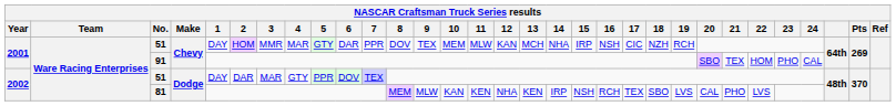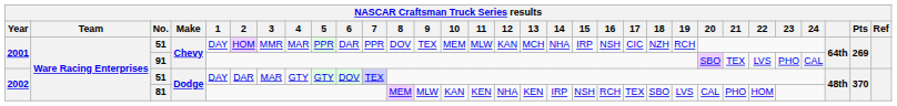 <table class="wikitable" style="text-align:center; font-size:75%">
 <tr>
 <th colspan=34><a href='#'>NASCAR Craftsman Truck Series</a> results</th>
 </tr>
 <tr>
 <th>Year</th>
 <th>Team</th>
 <th>No.</th>
 <th>Make</th>
 <th>1</th>
 <th>2</th>
 <th>3</th>
 <th>4</th>
 <th>5</th>
 <th>6</th>
 <th>7</th>
 <th>8</th>
 <th>9</th>
 <th>10</th>
 <th>11</th>
 <th>12</th>
 <th>13</th>
 <th>14</th>
 <th>15</th>
 <th>16</th>
 <th>17</th>
 <th>18</th>
 <th>19</th>
 <th>20</th>
 <th>21</th>
 <th>22</th>
 <th>23</th>
 <th>24</th>
 <th></th>
 <th>Pts</th>
 <th>Ref</th>
 </tr>
 <tr>
 <th rowspan=2><a href='#'>2001</a></th>
 <th rowspan=4><a href='#'>Ware Racing Enterprises</a></th>
 <th>51</th>
 <th rowspan=2><a href='#'>Chevy</a></th>
 <td><a href='#'>DAY</a></td>
 <td style="background:#EFCFFF;"><a href='#'>HOM</a><br></td>
 <td><a href='#'>MMR</a></td>
 <td><a href='#'>MAR</a></td>
-<td style="background:#DFFFDF;"><a href='#'>GTY</a><br></td>
+<td style="background:#DFFFDF;"><a href='#'>PPR</a><br></td>
 <td><a href='#'>DAR</a></td>
 <td><a href='#'>PPR</a></td>
 <td><a href='#'>DOV</a></td>
 <td><a href='#'>TEX</a></td>
 <td><a href='#'>MEM</a></td>
 <td><a href='#'>MLW</a></td>
 <td><a href='#'>KAN</a></td>
 <td><a href='#'>MCH</a></td>
 <td><a href='#'>NHA</a></td>
 <td><a href='#'>IRP</a></td>
 <td><a href='#'>NSH</a></td>
 <td><a href='#'>CIC</a></td>
 <td><a href='#'>NZH</a></td>
 <td><a href='#'>RCH</a></td>
 <td colspan=5></td>
 <th rowspan=2>64th</th>
 <th rowspan=2>269</th>
 <th rowspan=2></th>
 </tr>
 <tr>
 <th>91</th>
 <td colspan=19></td>
 <td style="background:#EFCFFF;"><a href='#'>SBO</a><br></td>
 <td><a href='#'>TEX</a></td>
-<td><a href='#'>HOM</a></td>
+<td><a href='#'>LVS</a></td>
 <td><a href='#'>PHO</a></td>
 <td><a href='#'>CAL</a></td>
 </tr>
 <tr>
 <th rowspan=2><a href='#'>2002</a></th>
 <th>51</th>
 <th rowspan=2><a href='#'>Dodge</a></th>
 <td><a href='#'>DAY</a></td>
 <td><a href='#'>DAR</a></td>
 <td><a href='#'>MAR</a></td>
 <td><a href='#'>GTY</a></td>
-<td style="background:#DFFFDF;"><a href='#'>PPR</a><br></td>
+<td style="background:#DFFFDF;"><a href='#'>GTY</a><br></td>
 <td style="background:#DFFFDF;"><a href='#'>DOV</a><br></td>
 <td style="background:#CFCFFF;"><a href='#'>TEX</a><br></td>
 <td colspan=17></td>
 <th rowspan=2>48th</th>
 <th rowspan=2>370</th>
 <th rowspan=2></th>
 </tr>
 <tr>
 <th>81</th>
 <td colspan=7></td>
 <td style="background:#EFCFFF;"><a href='#'>MEM</a><br></td>
 <td><a href='#'>MLW</a></td>
 <td><a href='#'>KAN</a></td>
 <td><a href='#'>KEN</a></td>
 <td><a href='#'>NHA</a></td>
 <td><a href='#'>KEN</a></td>
 <td><a href='#'>IRP</a></td>
 <td><a href='#'>NSH</a></td>
 <td><a href='#'>RCH</a></td>
 <td><a href='#'>TEX</a></td>
 <td><a href='#'>SBO</a></td>
 <td><a href='#'>LVS</a></td>
 <td><a href='#'>CAL</a></td>
 <td><a href='#'>PHO</a></td>
-<td><a href='#'>LVS</a></td>
+<td><a href='#'>HOM</a></td>
 <td colspan=2></td>
 </tr>
 </table>
